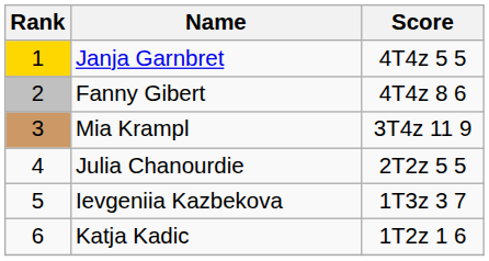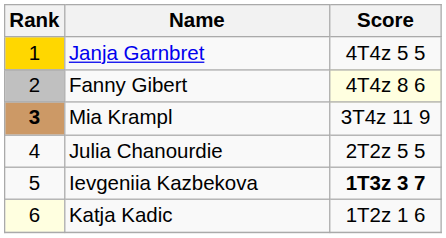 <table class="wikitable">
 <tr>
 <th>Rank</th>
 <th width = "200">Name</th>
 <th width = "80">Score</th>
 </tr>
 <tr>
 <td align="center" style="background: gold">1</td>
 <td> <a href='#'>Janja Garnbret</a></td>
 <td align="center">4T4z 5 5</td>
 </tr>
 <tr>
 <td align="center" style="background: silver">2</td>
 <td> Fanny Gibert</td>
-<td align="center">4T4z 8 6</td>
+<td align="center" style="background: lightyellow;">4T4z 8 6</td>
 </tr>
 <tr>
-<td align="center" style="background: #cc9966">3</td>
+<td align="center" style="background: #cc9966"><strong>3</strong></td>
 <td> Mia Krampl</td>
 <td align="center">3T4z 11 9</td>
 </tr>
 <tr>
 <td align="center">4</td>
 <td> Julia Chanourdie</td>
 <td align="center">2T2z 5 5</td>
 </tr>
 <tr>
 <td align="center">5</td>
 <td> Ievgeniia Kazbekova</td>
-<td align="center">1T3z 3 7</td>
+<td align="center"><strong>1T3z 3 7</strong></td>
 </tr>
 <tr>
-<td align="center">6</td>
+<td align="center" style="background: lightyellow;">6</td>
 <td> Katja Kadic</td>
 <td align="center">1T2z 1 6</td>
 </tr>
 <tr>
 </tr>
 </table>
